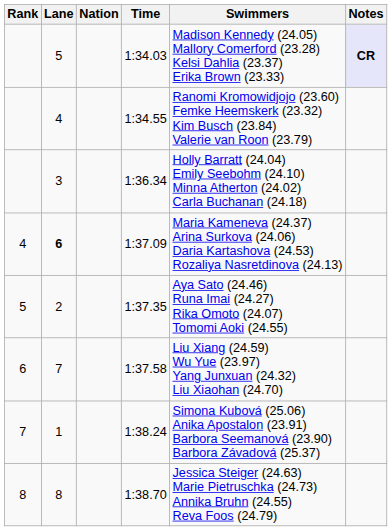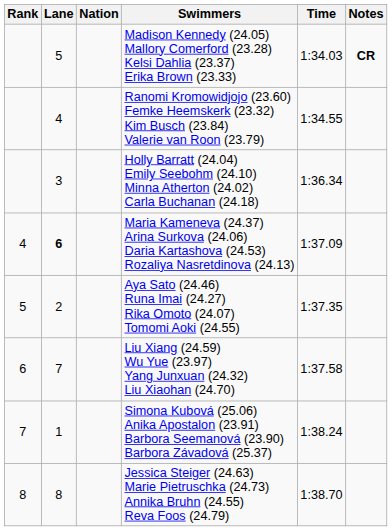 <table class="wikitable sortable" style="text-align:center">
 <tr>
 <th>Rank</th>
 <th>Lane</th>
 <th>Nation</th>
+<th>Swimmers</th>
 <th>Time</th>
-<th>Swimmers</th>
 <th>Notes</th>
 </tr>
 <tr>
 <td></td>
 <td>5</td>
 <td align=left></td>
+<td align=left><a href='#'>Madison Kennedy</a> (24.05) <br><a href='#'>Mallory Comerford</a> (23.28)<br><a href='#'>Kelsi Dahlia</a> (23.37)<br><a href='#'>Erika Brown</a> (23.33)</td>
 <td>1:34.03</td>
-<td align=left><a href='#'>Madison Kennedy</a> (24.05) <br><a href='#'>Mallory Comerford</a> (23.28)<br><a href='#'>Kelsi Dahlia</a> (23.37)<br><a href='#'>Erika Brown</a> (23.33)</td>
-<td style="background: lavender;"><strong>CR</strong></td>
+<td><strong>CR</strong></td>
 </tr>
 <tr>
 <td></td>
 <td>4</td>
 <td align=left></td>
+<td align=left><a href='#'>Ranomi Kromowidjojo</a> (23.60)<br><a href='#'>Femke Heemskerk</a> (23.32)<br><a href='#'>Kim Busch</a> (23.84)<br><a href='#'>Valerie van Roon</a> (23.79)</td>
 <td>1:34.55</td>
-<td align=left><a href='#'>Ranomi Kromowidjojo</a> (23.60)<br><a href='#'>Femke Heemskerk</a> (23.32)<br><a href='#'>Kim Busch</a> (23.84)<br><a href='#'>Valerie van Roon</a> (23.79)</td>
 <td></td>
 </tr>
 <tr>
 <td></td>
 <td>3</td>
 <td align=left></td>
+<td align=left><a href='#'>Holly Barratt</a> (24.04)<br><a href='#'>Emily Seebohm</a> (24.10)<br><a href='#'>Minna Atherton</a> (24.02)<br><a href='#'>Carla Buchanan</a> (24.18)</td>
 <td>1:36.34</td>
-<td align=left><a href='#'>Holly Barratt</a> (24.04)<br><a href='#'>Emily Seebohm</a> (24.10)<br><a href='#'>Minna Atherton</a> (24.02)<br><a href='#'>Carla Buchanan</a> (24.18)</td>
 <td></td>
 </tr>
 <tr>
 <td>4</td>
 <td><strong>6</strong></td>
 <td align=left></td>
+<td align=left><a href='#'>Maria Kameneva</a> (24.37)<br><a href='#'>Arina Surkova</a> (24.06)<br><a href='#'>Daria Kartashova</a> (24.53)<br> <a href='#'>Rozaliya Nasretdinova</a> (24.13)</td>
 <td>1:37.09</td>
-<td align=left><a href='#'>Maria Kameneva</a> (24.37)<br><a href='#'>Arina Surkova</a> (24.06)<br><a href='#'>Daria Kartashova</a> (24.53)<br> <a href='#'>Rozaliya Nasretdinova</a> (24.13)</td>
 <td></td>
 </tr>
 <tr>
 <td>5</td>
 <td>2</td>
 <td align=left></td>
+<td align=left><a href='#'>Aya Sato</a> (24.46)<br><a href='#'>Runa Imai</a> (24.27)<br><a href='#'>Rika Omoto</a> (24.07)<br><a href='#'>Tomomi Aoki</a> (24.55)</td>
 <td>1:37.35</td>
-<td align=left><a href='#'>Aya Sato</a> (24.46)<br><a href='#'>Runa Imai</a> (24.27)<br><a href='#'>Rika Omoto</a> (24.07)<br><a href='#'>Tomomi Aoki</a> (24.55)</td>
 <td></td>
 </tr>
 <tr>
 <td>6</td>
 <td>7</td>
 <td align=left></td>
+<td align=left><a href='#'>Liu Xiang</a> (24.59)<br><a href='#'>Wu Yue</a> (23.97)<br><a href='#'>Yang Junxuan</a> (24.32) <br><a href='#'>Liu Xiaohan</a> (24.70)</td>
 <td>1:37.58</td>
-<td align=left><a href='#'>Liu Xiang</a> (24.59)<br><a href='#'>Wu Yue</a> (23.97)<br><a href='#'>Yang Junxuan</a> (24.32) <br><a href='#'>Liu Xiaohan</a> (24.70)</td>
 <td></td>
 </tr>
 <tr>
 <td>7</td>
 <td>1</td>
 <td align=left></td>
+<td align=left><a href='#'>Simona Kubová</a> (25.06)<br><a href='#'>Anika Apostalon</a> (23.91)<br><a href='#'>Barbora Seemanová</a> (23.90)<br><a href='#'>Barbora Závadová</a> (25.37)</td>
 <td>1:38.24</td>
-<td align=left><a href='#'>Simona Kubová</a> (25.06)<br><a href='#'>Anika Apostalon</a> (23.91)<br><a href='#'>Barbora Seemanová</a> (23.90)<br><a href='#'>Barbora Závadová</a> (25.37)</td>
 <td></td>
 </tr>
 <tr>
 <td>8</td>
 <td>8</td>
 <td align=left></td>
+<td align=left><a href='#'>Jessica Steiger</a> (24.63)<br><a href='#'>Marie Pietruschka</a> (24.73)<br><a href='#'>Annika Bruhn</a> (24.55)<br><a href='#'>Reva Foos</a> (24.79)</td>
 <td>1:38.70</td>
-<td align=left><a href='#'>Jessica Steiger</a> (24.63)<br><a href='#'>Marie Pietruschka</a> (24.73)<br><a href='#'>Annika Bruhn</a> (24.55)<br><a href='#'>Reva Foos</a> (24.79)</td>
 <td></td>
 </tr>
 </table>
